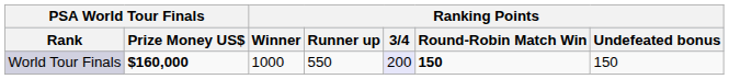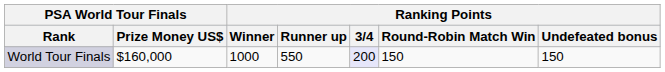 <table class="wikitable">
 <tr>
 <th colspan=2>PSA World Tour Finals</th>
 <th colspan=6>Ranking Points</th>
 </tr>
 <tr bgcolor="#d1e4fd">
 <th>Rank</th>
 <th>Prize Money US$</th>
 <th>Winner</th>
 <th>Runner up</th>
 <th>3/4</th>
 <th>Round-Robin Match Win</th>
 <th>Undefeated bonus</th>
 </tr>
 <tr>
 <td style="background:#d1d1e0;">World Tour Finals</td>
-<td><strong>$160,000</strong></td>
+<td>$160,000</td>
 <td>1000</td>
 <td>550</td>
 <td style="background: lavender;">200</td>
-<td><strong>150</strong></td>
+<td>150</td>
 <td>150</td>
 </tr>
 </table>
